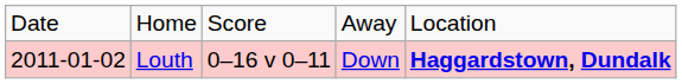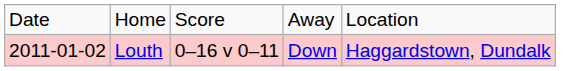 <table class="wikitable">
 <tr>
 <td>Date</td>
 <td>Home</td>
 <td>Score</td>
 <td>Away</td>
 <td>Location</td>
 </tr>
 <tr bgcolor="#fdcbcb">
 <td>2011-01-02</td>
 <td><a href='#'>Louth</a></td>
 <td>0–16 v 0–11</td>
 <td><a href='#'>Down</a></td>
-<td><strong><a href='#'>Haggardstown</a>, <a href='#'>Dundalk</a></strong></td>
+<td><a href='#'>Haggardstown</a>, <a href='#'>Dundalk</a></td>
 </tr>
 </table>
